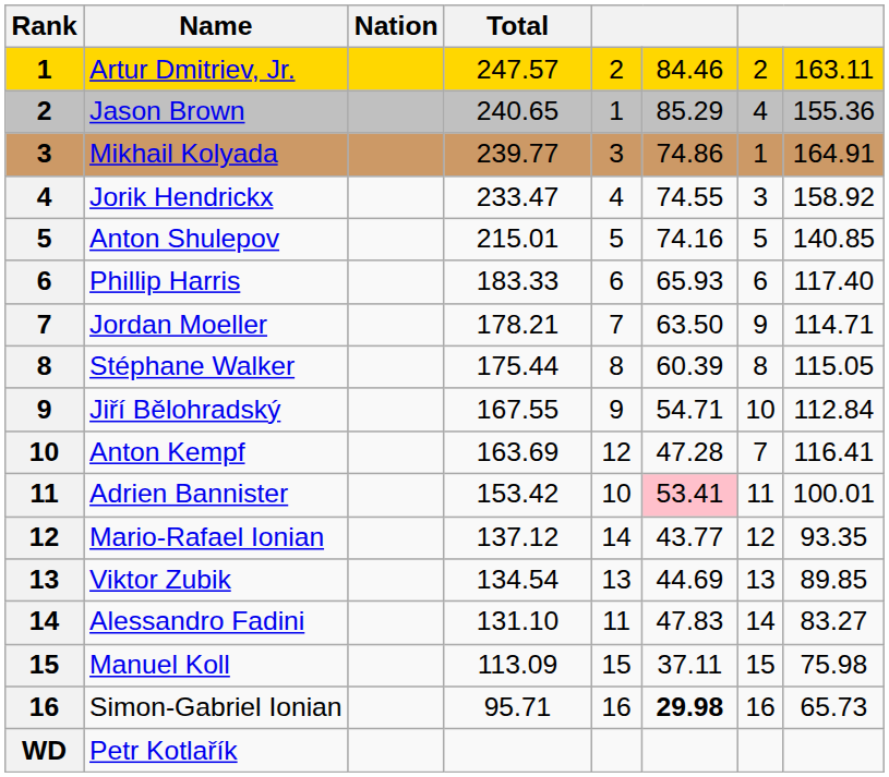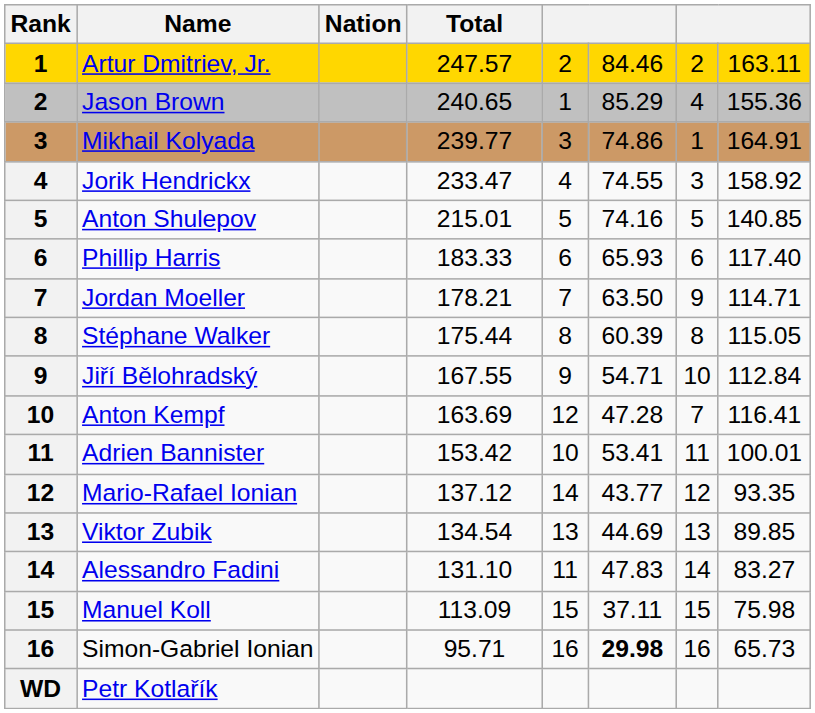 <table class="wikitable sortable">
 <tr>
 <th>Rank</th>
 <th>Name</th>
 <th>Nation</th>
 <th width="80px">Total</th>
 <th colspan="2" width="80px"></th>
 <th colspan="2" width="80px"></th>
 </tr>
 <tr bgcolor="gold">
 <td align="center"><strong>1</strong></td>
 <td><a href='#'>Artur Dmitriev, Jr.</a></td>
 <td></td>
 <td align="center">247.57</td>
 <td align="center">2</td>
 <td align="center">84.46</td>
 <td align="center">2</td>
 <td align="center">163.11</td>
 </tr>
 <tr bgcolor="silver">
 <td align="center"><strong>2</strong></td>
 <td><a href='#'>Jason Brown</a></td>
 <td></td>
 <td align="center">240.65</td>
 <td align="center">1</td>
 <td align="center">85.29</td>
 <td align="center">4</td>
 <td align="center">155.36</td>
 </tr>
 <tr bgcolor="cc9966">
 <td align="center"><strong>3</strong></td>
 <td><a href='#'>Mikhail Kolyada</a></td>
 <td></td>
 <td align="center">239.77</td>
 <td align="center">3</td>
 <td align="center">74.86</td>
 <td align="center">1</td>
 <td align="center">164.91</td>
 </tr>
 <tr>
 <th>4</th>
 <td><a href='#'>Jorik Hendrickx</a></td>
 <td></td>
 <td align="center">233.47</td>
 <td align="center">4</td>
 <td align="center">74.55</td>
 <td align="center">3</td>
 <td align="center">158.92</td>
 </tr>
 <tr>
 <th>5</th>
 <td><a href='#'>Anton Shulepov</a></td>
 <td></td>
 <td align="center">215.01</td>
 <td align="center">5</td>
 <td align="center">74.16</td>
 <td align="center">5</td>
 <td align="center">140.85</td>
 </tr>
 <tr>
 <th>6</th>
 <td><a href='#'>Phillip Harris</a></td>
 <td></td>
 <td align="center">183.33</td>
 <td align="center">6</td>
 <td align="center">65.93</td>
 <td align="center">6</td>
 <td align="center">117.40</td>
 </tr>
 <tr>
 <th>7</th>
 <td><a href='#'>Jordan Moeller</a></td>
 <td></td>
 <td align="center">178.21</td>
 <td align="center">7</td>
 <td align="center">63.50</td>
 <td align="center">9</td>
 <td align="center">114.71</td>
 </tr>
 <tr>
 <th>8</th>
 <td><a href='#'>Stéphane Walker</a></td>
 <td></td>
 <td align="center">175.44</td>
 <td align="center">8</td>
 <td align="center">60.39</td>
 <td align="center">8</td>
 <td align="center">115.05</td>
 </tr>
 <tr>
 <th>9</th>
 <td><a href='#'>Jiří Bělohradský</a></td>
 <td></td>
 <td align="center">167.55</td>
 <td align="center">9</td>
 <td align="center">54.71</td>
 <td align="center">10</td>
 <td align="center">112.84</td>
 </tr>
 <tr>
 <th>10</th>
 <td><a href='#'>Anton Kempf</a></td>
 <td></td>
 <td align="center">163.69</td>
 <td align="center">12</td>
 <td align="center">47.28</td>
 <td align="center">7</td>
 <td align="center">116.41</td>
 </tr>
 <tr>
 <th>11</th>
 <td><a href='#'>Adrien Bannister</a></td>
 <td></td>
 <td align="center">153.42</td>
 <td align="center">10</td>
-<td align="center" style="background: pink;">53.41</td>
+<td align="center">53.41</td>
 <td align="center">11</td>
 <td align="center">100.01</td>
 </tr>
 <tr>
 <th>12</th>
 <td><a href='#'>Mario-Rafael Ionian</a></td>
 <td></td>
 <td align="center">137.12</td>
 <td align="center">14</td>
 <td align="center">43.77</td>
 <td align="center">12</td>
 <td align="center">93.35</td>
 </tr>
 <tr>
 <th>13</th>
 <td><a href='#'>Viktor Zubik</a></td>
 <td></td>
 <td align="center">134.54</td>
 <td align="center">13</td>
 <td align="center">44.69</td>
 <td align="center">13</td>
 <td align="center">89.85</td>
 </tr>
 <tr>
 <th>14</th>
 <td><a href='#'>Alessandro Fadini</a></td>
 <td></td>
 <td align="center">131.10</td>
 <td align="center">11</td>
 <td align="center">47.83</td>
 <td align="center">14</td>
 <td align="center">83.27</td>
 </tr>
 <tr>
 <th>15</th>
 <td><a href='#'>Manuel Koll</a></td>
 <td></td>
 <td align="center">113.09</td>
 <td align="center">15</td>
 <td align="center">37.11</td>
 <td align="center">15</td>
 <td align="center">75.98</td>
 </tr>
 <tr>
 <th>16</th>
 <td>Simon-Gabriel Ionian</td>
 <td></td>
 <td align="center">95.71</td>
 <td align="center">16</td>
 <td align="center"><strong>29.98</strong></td>
 <td align="center">16</td>
 <td align="center">65.73</td>
 </tr>
 <tr>
 <th>WD</th>
 <td><a href='#'>Petr Kotlařík</a></td>
 <td></td>
 <td align="center"></td>
 <td align="center"></td>
 <td align="center"></td>
 <td align="center"></td>
 <td align="center"></td>
 </tr>
 </table>
